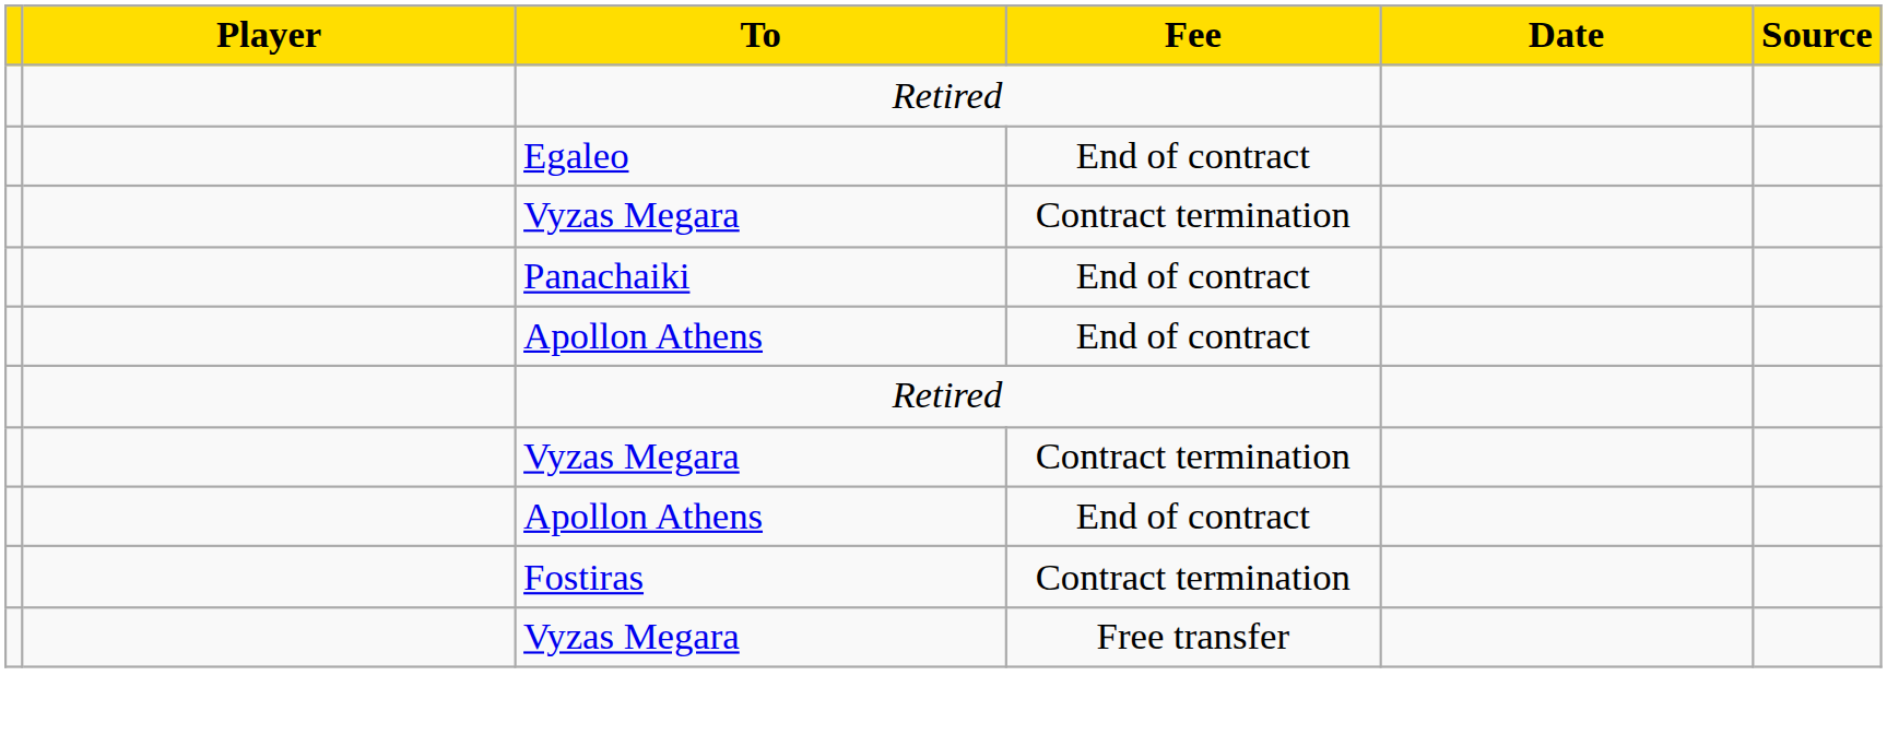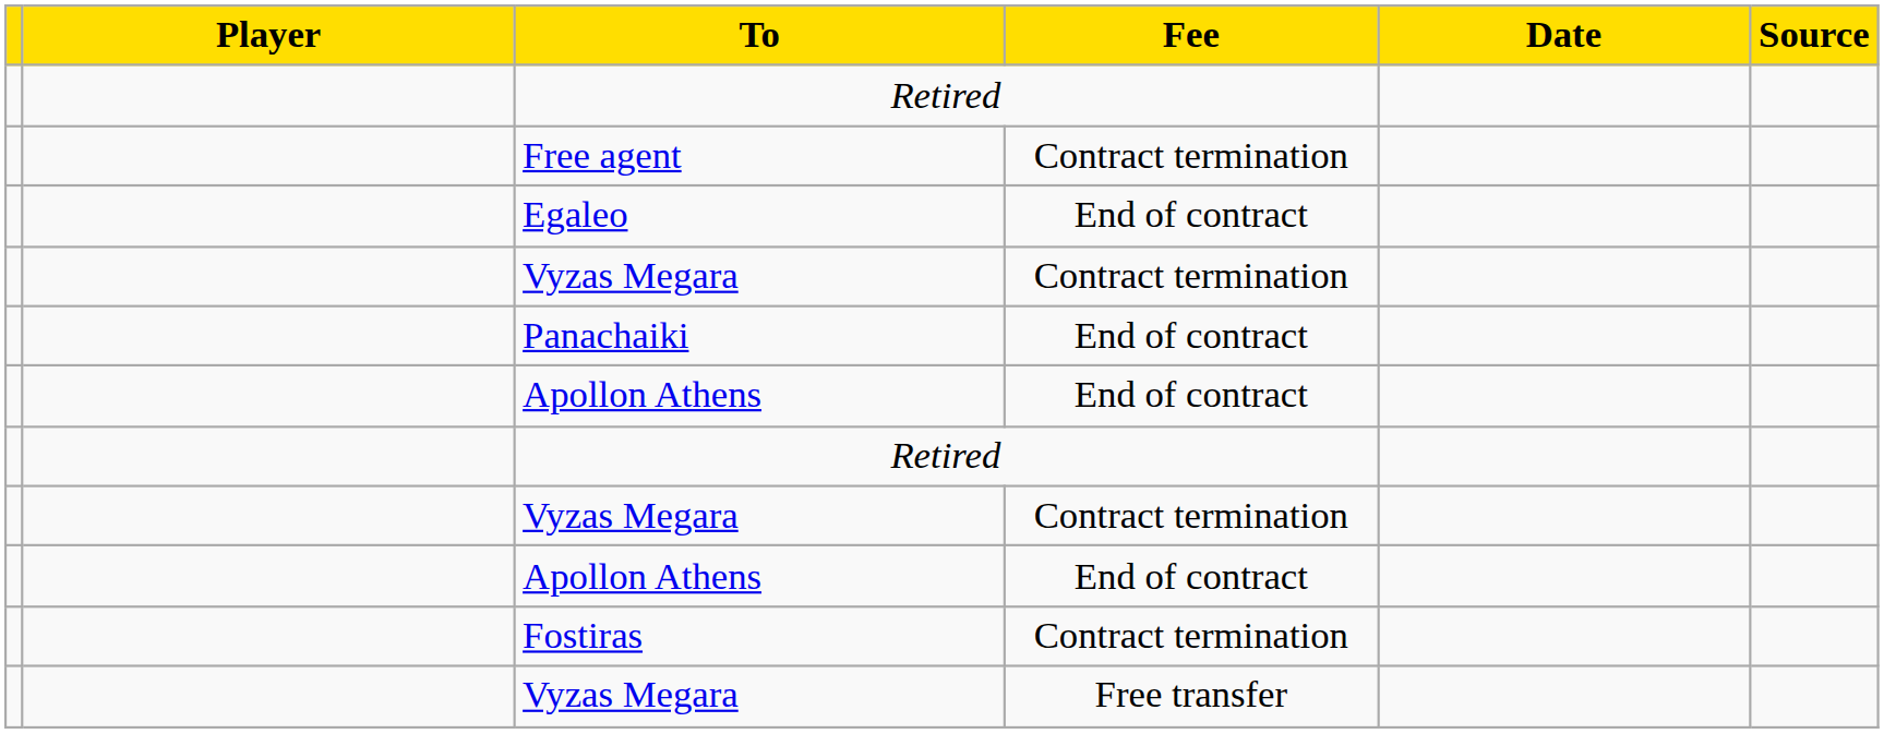 <table class="wikitable sortable">
 <tr>
 <th style="background:#FFDE00"></th>
 <th width=200 style="background:#FFDE00">Player</th>
 <th width=200 style="background:#FFDE00">To</th>
 <th width=150 style="background:#FFDE00">Fee</th>
 <th width=150 style="background:#FFDE00">Date</th>
 <th style="background:#FFDE00">Source</th>
 </tr>
 <tr>
 <td align=center></td>
 <td></td>
 <td align=center colspan=2><em>Retired</em></td>
+<td align=center></td>
+<td align=center></td>
+</tr>
+<tr>
+<td align=center></td>
+<td></td>
+<td><a href='#'>Free agent</a></td>
+<td align=center>Contract termination</td>
 <td align=center></td>
 <td align=center></td>
 </tr>
 <tr>
 <td align=center></td>
 <td></td>
 <td> <a href='#'>Egaleo</a></td>
 <td align=center>End of contract</td>
 <td align=center></td>
 <td align=center></td>
 </tr>
 <tr>
 <td align=center></td>
 <td></td>
 <td> <a href='#'>Vyzas Megara</a></td>
 <td align=center>Contract termination</td>
 <td align=center></td>
 <td align=center></td>
 </tr>
 <tr>
 <td align=center></td>
 <td></td>
 <td> <a href='#'>Panachaiki</a></td>
 <td align=center>End of contract</td>
 <td align=center></td>
 <td align=center></td>
 </tr>
 <tr>
 <td align=center></td>
 <td></td>
 <td> <a href='#'>Apollon Athens</a></td>
 <td align=center>End of contract</td>
 <td align=center></td>
 <td align=center></td>
 </tr>
 <tr>
 <td align=center></td>
 <td></td>
 <td align=center colspan=2><em>Retired</em></td>
 <td align=center></td>
 <td align=center></td>
 </tr>
 <tr>
 <td align=center></td>
 <td></td>
 <td> <a href='#'>Vyzas Megara</a></td>
 <td align=center>Contract termination</td>
 <td align=center></td>
 <td align=center></td>
 </tr>
 <tr>
 <td align=center></td>
 <td></td>
 <td> <a href='#'>Apollon Athens</a></td>
 <td align=center>End of contract</td>
 <td align=center></td>
 <td align=center></td>
 </tr>
 <tr>
 <td align=center></td>
 <td></td>
 <td> <a href='#'>Fostiras</a></td>
 <td align=center>Contract termination</td>
 <td align=center></td>
 <td align=center></td>
 </tr>
 <tr>
 <td align=center></td>
 <td></td>
 <td> <a href='#'>Vyzas Megara</a></td>
 <td align=center>Free transfer</td>
 <td align=center></td>
 <td align=center></td>
 </tr>
 </table>
